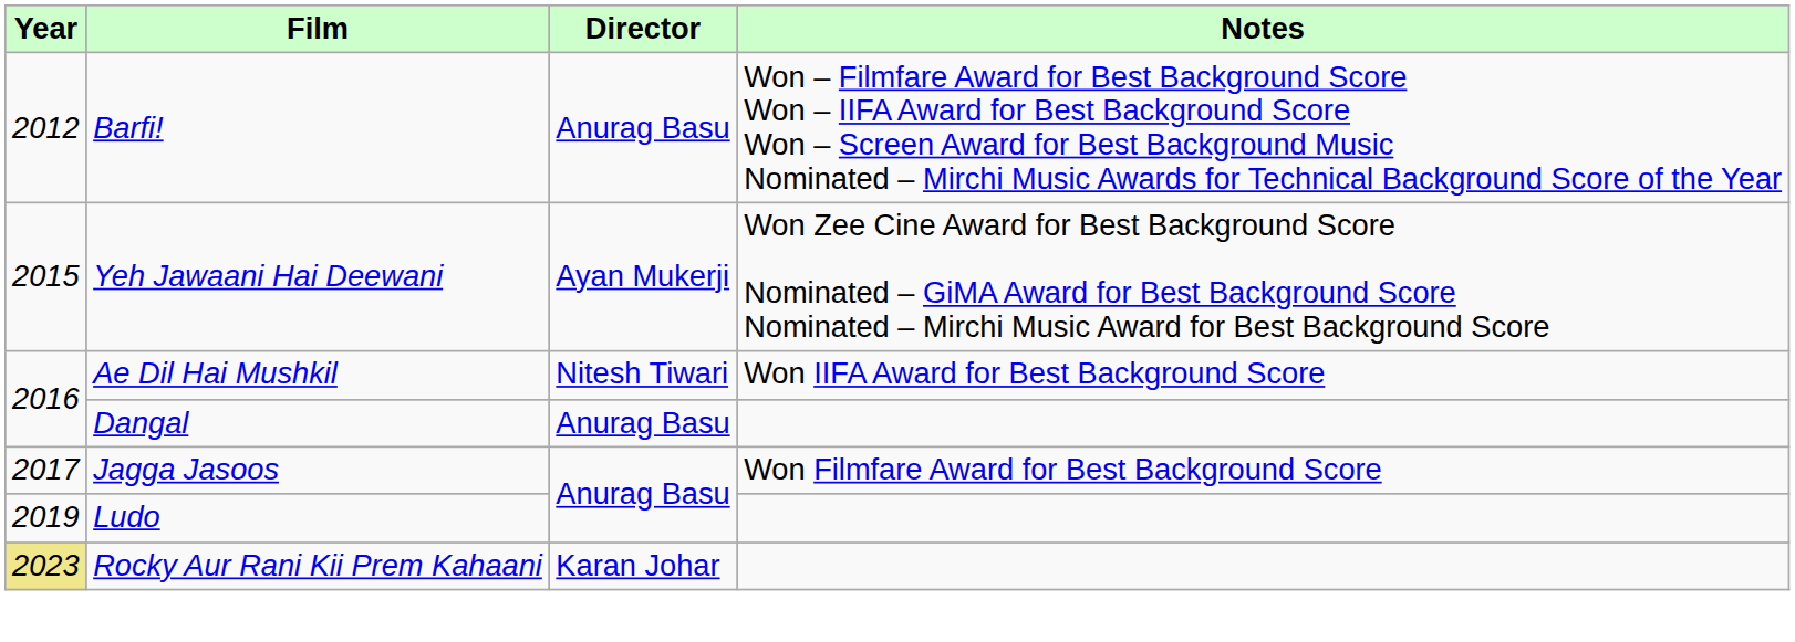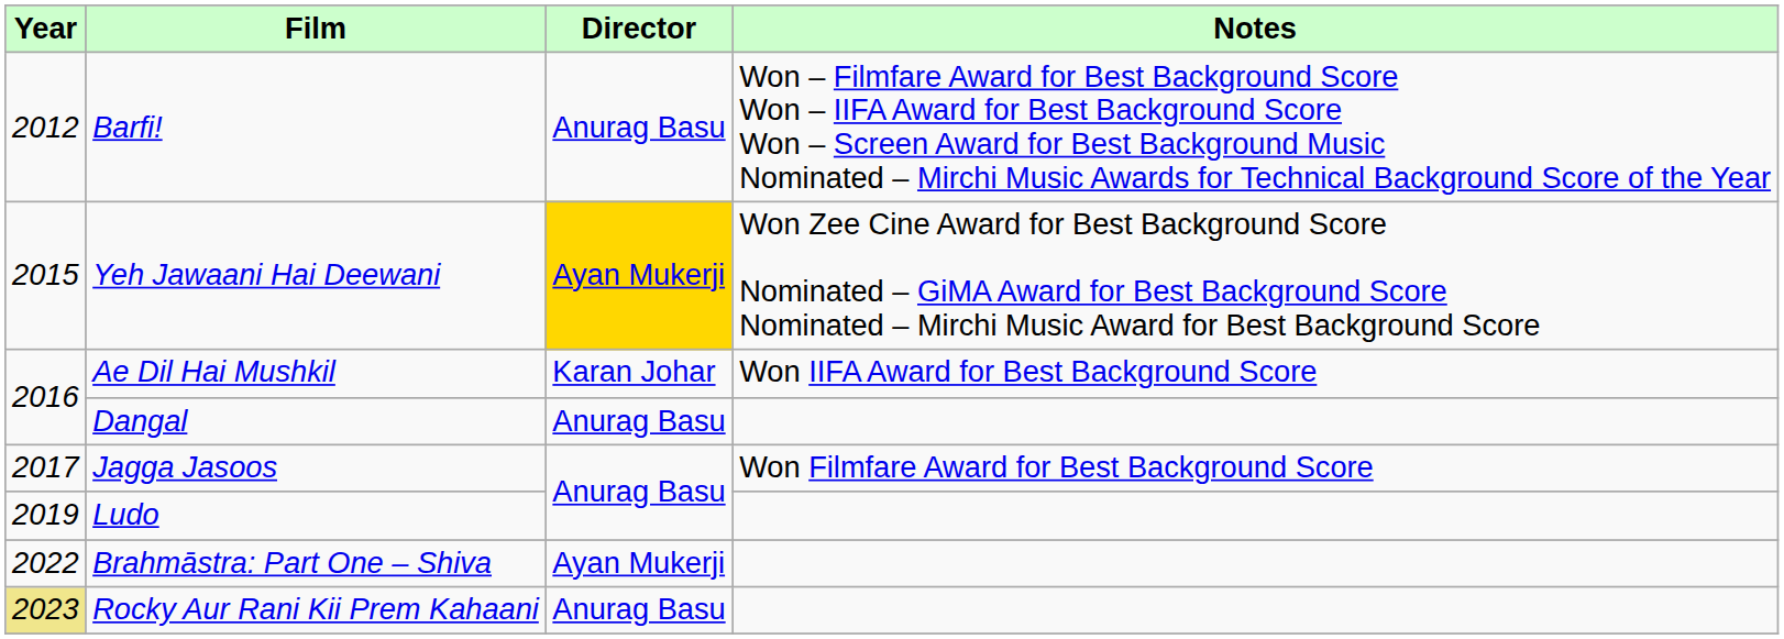 <table class="wikitable sortable">
 <tr>
 <th style="background:#cfc; text-align:center;"><strong>Year</strong></th>
 <th style="background:#cfc; text-align:center;"><strong>Film</strong></th>
 <th style="background:#cfc; text-align:center;"><strong>Director</strong></th>
 <th style="background:#cfc; text-align:center;"><strong>Notes</strong></th>
 </tr>
 <tr>
 <td><em>2012</em></td>
 <td><em><a href='#'>Barfi!</a></em></td>
 <td><a href='#'>Anurag Basu</a></td>
 <td>Won – <a href='#'>Filmfare Award for Best Background Score</a><br>Won – <a href='#'>IIFA Award for Best Background Score</a> <br> Won – <a href='#'>Screen Award for Best Background Music</a><br> Nominated – <a href='#'>Mirchi Music Awards for Technical Background Score of the Year</a></td>
 </tr>
 <tr>
 <td><em>2015</em></td>
 <td><em><a href='#'>Yeh Jawaani Hai Deewani</a></em></td>
-<td><a href='#'>Ayan Mukerji</a></td>
+<td style="background: gold;"><a href='#'>Ayan Mukerji</a></td>
 <td>Won Zee Cine Award for Best Background Score<br><br>Nominated – <a href='#'>GiMA Award for Best Background Score</a><br> Nominated – Mirchi Music Award for Best Background Score</td>
 </tr>
 <tr>
 <td rowspan="2"><em>2016</em></td>
 <td><em><a href='#'>Ae Dil Hai Mushkil</a></em></td>
-<td><a href='#'>Nitesh Tiwari</a></td>
+<td><a href='#'>Karan Johar</a></td>
 <td>Won <a href='#'>IIFA Award for Best Background Score</a></td>
 </tr>
 <tr>
 <td><em><a href='#'>Dangal</a></em></td>
 <td><a href='#'>Anurag Basu</a></td>
 <td></td>
 </tr>
 <tr>
 <td><em>2017</em></td>
 <td><em><a href='#'>Jagga Jasoos</a></em></td>
 <td rowspan=2><a href='#'>Anurag Basu</a></td>
 <td>Won <a href='#'>Filmfare Award for Best Background Score</a></td>
 </tr>
 <tr>
 <td><em>2019</em></td>
 <td><em><a href='#'>Ludo</a></em></td>
 <td></td>
 </tr>
 <tr>
+<td><em>2022</em></td>
+<td><em><a href='#'>Brahmāstra: Part One – Shiva</a></em></td>
+<td><a href='#'>Ayan Mukerji</a></td>
+<td></td>
+</tr>
+<tr>
 <td style="background: khaki;"><em>2023</em></td>
 <td><em><a href='#'>Rocky Aur Rani Kii Prem Kahaani</a></em></td>
-<td><a href='#'>Karan Johar</a></td>
+<td><a href='#'>Anurag Basu</a></td>
 <td></td>
 </tr>
 </table>
